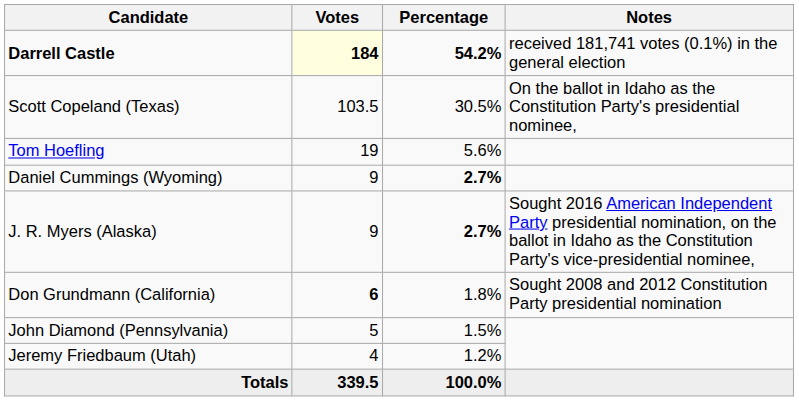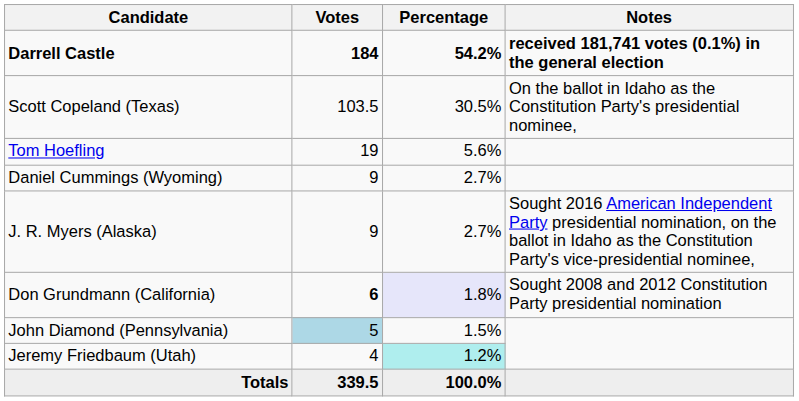 <table class="wikitable">
 <tr>
 <th style="width: 17em">Candidate</th>
 <th style="width: 5em">Votes</th>
 <th style="width: 7em">Percentage</th>
 <th style="width: 17em">Notes</th>
 </tr>
 <tr>
 <td><strong>Darrell Castle</strong></td>
-<td style="background: lightyellow; text-align:right;"><strong>184</strong></td>
+<td style="text-align:right;"><strong>184</strong></td>
 <td style="text-align:right;"><strong>54.2%</strong></td>
-<td>received 181,741 votes (0.1%) in the general election</td>
+<td><strong>received 181,741 votes (0.1%) in the general election</strong></td>
 </tr>
 <tr>
 <td>Scott Copeland (Texas)</td>
 <td style="text-align:right;">103.5</td>
 <td style="text-align:right;">30.5%</td>
 <td>On the ballot in Idaho as the Constitution Party's presidential nominee,</td>
 </tr>
 <tr>
 <td><a href='#'>Tom Hoefling</a></td>
 <td style="text-align:right;">19</td>
 <td style="text-align:right;">5.6%</td>
 <td></td>
 </tr>
 <tr>
 <td>Daniel Cummings (Wyoming)</td>
 <td style="text-align:right;">9</td>
-<td style="text-align:right;"><strong>2.7%</strong></td>
+<td style="text-align:right;">2.7%</td>
 <td></td>
 </tr>
 <tr>
 <td>J. R. Myers (Alaska)</td>
 <td style="text-align:right;">9</td>
-<td style="text-align:right;"><strong>2.7%</strong></td>
+<td style="text-align:right;">2.7%</td>
 <td>Sought 2016 <a href='#'>American Independent Party</a> presidential nomination, on the ballot in Idaho as the Constitution Party's vice-presidential nominee,</td>
 </tr>
 <tr>
 <td>Don Grundmann (California)</td>
 <td style="text-align:right;"><strong>6</strong></td>
-<td style="text-align:right;">1.8%</td>
+<td style="background: lavender; text-align:right;">1.8%</td>
 <td>Sought 2008 and 2012 Constitution Party presidential nomination</td>
 </tr>
 <tr>
 <td>John Diamond (Pennsylvania)</td>
-<td style="text-align:right;">5</td>
+<td style="background: lightblue; text-align:right;">5</td>
 <td style="text-align:right;">1.5%</td>
 <td rowspan=2></td>
 </tr>
 <tr>
 <td>Jeremy Friedbaum (Utah)</td>
 <td style="text-align:right;">4</td>
-<td style="text-align:right;">1.2%</td>
+<td style="background: paleturquoise; text-align:right;">1.2%</td>
 </tr>
 <tr style="background:#eee; text-align:right;">
 <td><strong>Totals</strong></td>
 <td><strong>339.5</strong></td>
 <td><strong>100.0%</strong></td>
 <td></td>
 </tr>
 </table>
